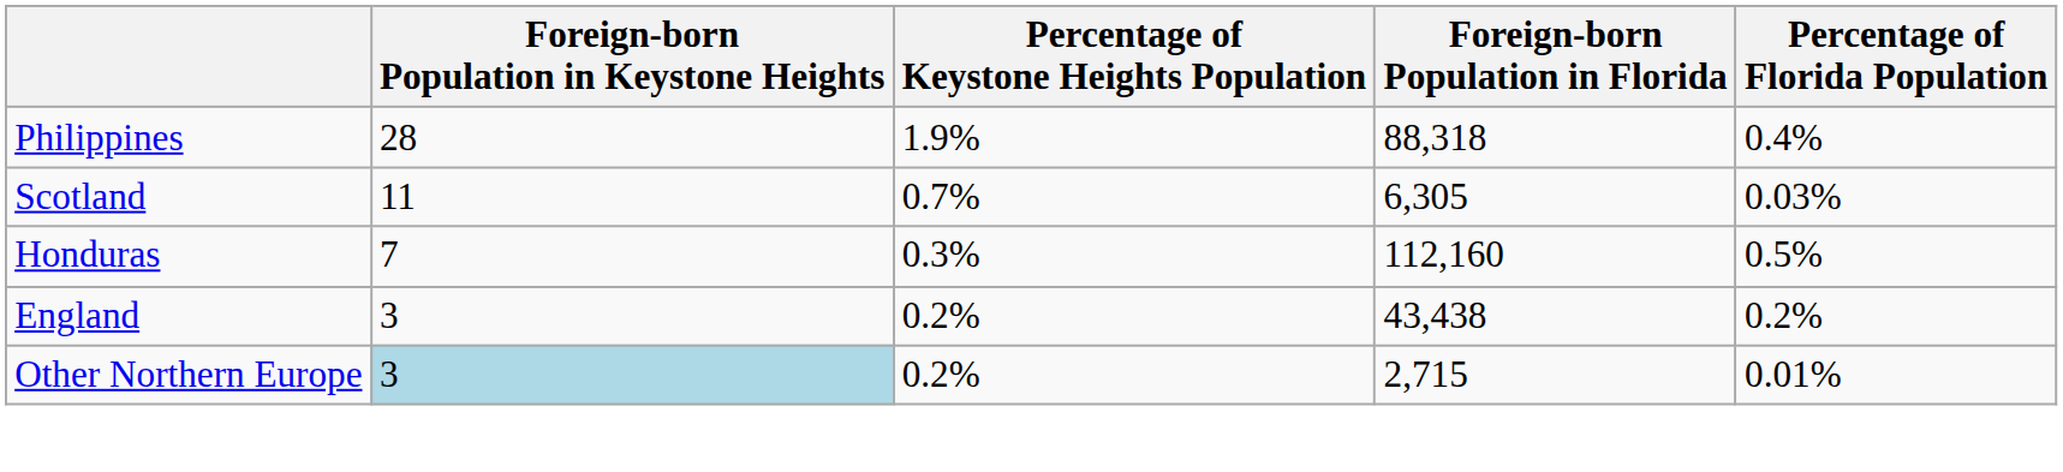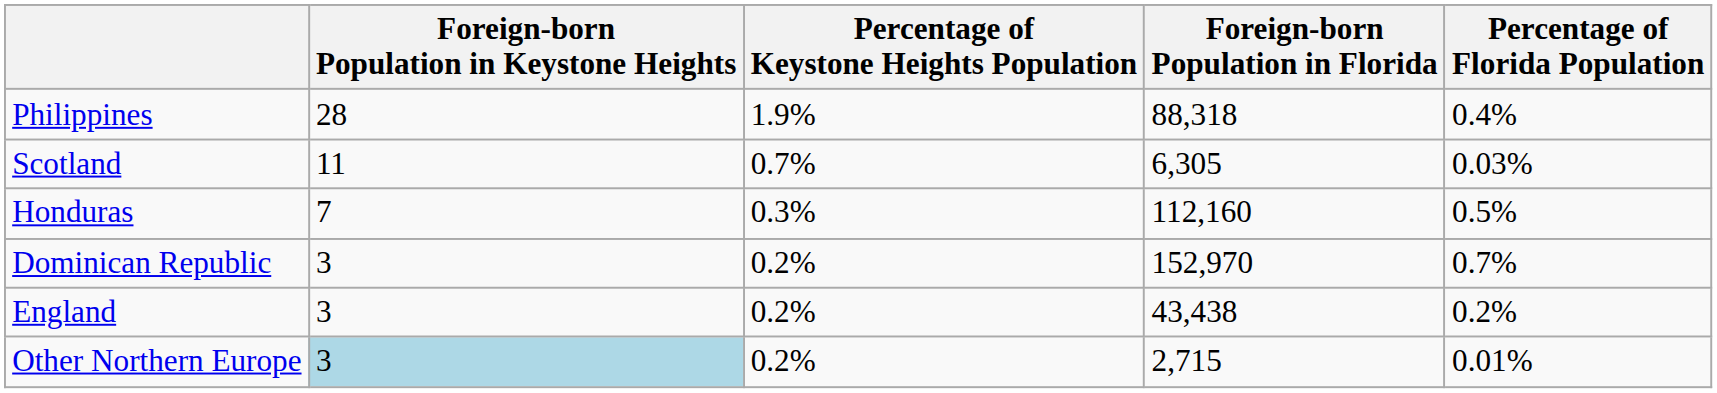 <table class="wikitable sortable mw-collapsible">
 <tr>
 <th></th>
 <th>Foreign-born<br>Population in Keystone Heights</th>
 <th>Percentage of<br>Keystone Heights  Population</th>
 <th>Foreign-born<br>Population in Florida</th>
 <th>Percentage of<br>Florida  Population</th>
 </tr>
 <tr>
 <td><a href='#'>Philippines</a></td>
 <td>28</td>
 <td>1.9%</td>
 <td>88,318</td>
 <td>0.4%</td>
 </tr>
 <tr>
 <td><a href='#'>Scotland</a></td>
 <td>11</td>
 <td>0.7%</td>
 <td>6,305</td>
 <td>0.03%</td>
 </tr>
 <tr>
 <td><a href='#'>Honduras</a></td>
 <td>7</td>
 <td>0.3%</td>
 <td>112,160</td>
 <td>0.5%</td>
 </tr>
 <tr>
+<td><a href='#'>Dominican Republic</a></td>
+<td>3</td>
+<td>0.2%</td>
+<td>152,970</td>
+<td>0.7%</td>
+</tr>
+<tr>
 <td><a href='#'>England</a></td>
 <td>3</td>
 <td>0.2%</td>
 <td>43,438</td>
 <td>0.2%</td>
 </tr>
 <tr>
 <td><a href='#'>Other Northern Europe</a></td>
 <td style="background: lightblue;">3</td>
 <td>0.2%</td>
 <td>2,715</td>
 <td>0.01%</td>
 </tr>
 </table>
